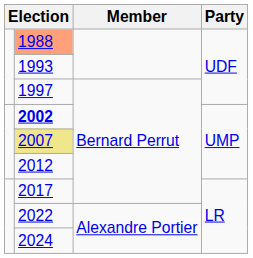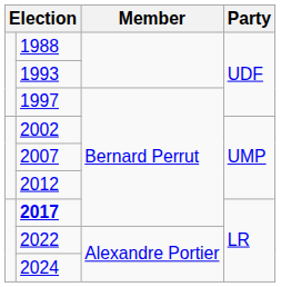 <table class="wikitable">
 <tr>
 <th colspan=2>Election</th>
 <th>Member</th>
 <th>Party</th>
 </tr>
 <tr>
 <td rowspan="3" style="background-color: "></td>
-<td style="background: lightsalmon;"><a href='#'>1988</a></td>
+<td><a href='#'>1988</a></td>
 <td rowspan="2"></td>
 <td rowspan="3"><a href='#'>UDF</a></td>
 </tr>
 <tr>
 <td><a href='#'>1993</a></td>
 </tr>
 <tr>
 <td><a href='#'>1997</a></td>
 <td rowspan="5"><a href='#'>Bernard Perrut</a></td>
 </tr>
 <tr>
 <td rowspan="3" style="background-color: "></td>
-<td><strong><a href='#'>2002</a></strong></td>
+<td><a href='#'>2002</a></td>
 <td rowspan="3"><a href='#'>UMP</a></td>
 </tr>
 <tr>
-<td style="background: khaki;"><a href='#'>2007</a></td>
+<td><a href='#'>2007</a></td>
 </tr>
 <tr>
 <td><a href='#'>2012</a></td>
 </tr>
 <tr>
 <td rowspan="3" style="background-color: "></td>
-<td><a href='#'>2017</a></td>
+<td><strong><a href='#'>2017</a></strong></td>
 <td rowspan="3"><a href='#'>LR</a></td>
 </tr>
 <tr>
 <td><a href='#'>2022</a></td>
 <td rowspan="2"><a href='#'>Alexandre Portier</a></td>
 </tr>
 <tr>
 <td><a href='#'>2024</a></td>
 </tr>
 </table>
